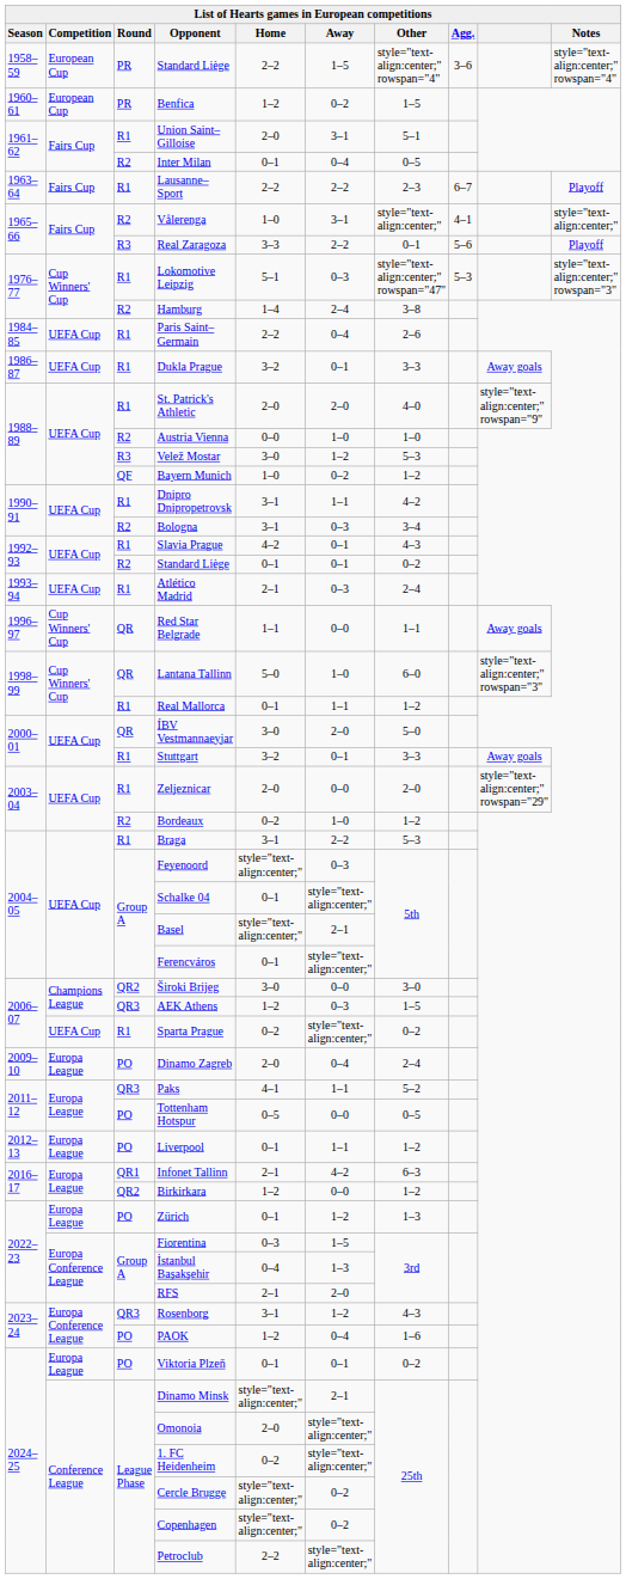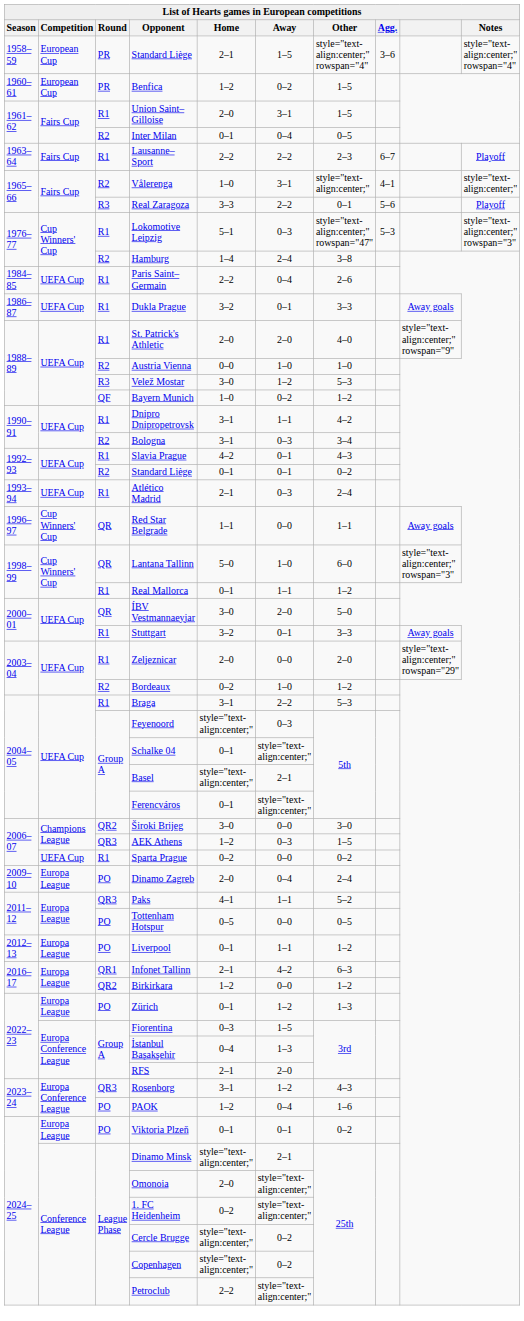 <table class="sortable plainrowheaders wikitable" width="65%" style="text-align: left;">
 <tr>
 <th colspan="11" style="background:#EFEFEF;">List of Hearts games in European competitions</th>
 </tr>
 <tr>
 <th>Season</th>
 <th>Competition</th>
 <th>Round</th>
 <th>Opponent</th>
 <th>Home</th>
 <th>Away</th>
 <th>Other</th>
 <th><a href='#'>Agg.</a></th>
 <th scope="col" width=15></th>
 <th class="unsortable">Notes</th>
 </tr>
 <tr>
 <td><a href='#'>1958–59</a></td>
 <td><a href='#'>European Cup</a></td>
 <td><a href='#'>PR</a></td>
 <td> <a href='#'>Standard Liège</a></td>
-<td style="text-align:center;">2–2</td>
+<td style="text-align:center;">2–1</td>
 <td style="text-align:center;">1–5</td>
 <td>style="text-align:center;" rowspan="4" </td>
 <td style="text-align:center;">3–6</td>
 <td style="text-align:center;"></td>
 <td>style="text-align:center;" rowspan="4" </td>
 </tr>
 <tr>
 <td><a href='#'>1960–61</a></td>
 <td><a href='#'>European Cup</a></td>
 <td><a href='#'>PR</a></td>
 <td> <a href='#'>Benfica</a></td>
 <td style="text-align:center;">1–2</td>
 <td style="text-align:center;">0–2</td>
 <td style="text-align:center;">1–5</td>
 <td style="text-align:center;"></td>
 </tr>
 <tr>
 <td rowspan=2><a href='#'>1961–62</a></td>
 <td rowspan=2><a href='#'>Fairs Cup</a></td>
 <td><a href='#'>R1</a></td>
 <td> <a href='#'>Union Saint–Gilloise</a></td>
 <td style="text-align:center;">2–0</td>
 <td style="text-align:center;">3–1</td>
-<td style="text-align:center;">5–1</td>
+<td style="text-align:center;">1–5</td>
 <td style="text-align:center;"></td>
 </tr>
 <tr>
 <td><a href='#'>R2</a></td>
 <td> <a href='#'>Inter Milan</a></td>
 <td style="text-align:center;">0–1</td>
 <td style="text-align:center;">0–4</td>
 <td style="text-align:center;">0–5</td>
 <td style="text-align:center;"></td>
 </tr>
 <tr>
 <td><a href='#'>1963–64</a></td>
 <td><a href='#'>Fairs Cup</a></td>
 <td><a href='#'>R1</a></td>
 <td> <a href='#'>Lausanne–Sport</a></td>
 <td style="text-align:center;">2–2</td>
 <td style="text-align:center;">2–2</td>
 <td style="text-align:center;">2–3</td>
 <td style="text-align:center;">6–7</td>
 <td style="text-align:center;"></td>
 <td style="text-align:center;"><a href='#'>Playoff</a></td>
 </tr>
 <tr>
 <td rowspan=2><a href='#'>1965–66</a></td>
 <td rowspan=2><a href='#'>Fairs Cup</a></td>
 <td><a href='#'>R2</a></td>
 <td> <a href='#'>Vålerenga</a></td>
 <td style="text-align:center;">1–0</td>
 <td style="text-align:center;">3–1</td>
 <td>style="text-align:center;" </td>
 <td style="text-align:center;">4–1</td>
 <td style="text-align:center;"></td>
 <td>style="text-align:center;" </td>
 </tr>
 <tr>
 <td><a href='#'>R3</a></td>
 <td> <a href='#'>Real Zaragoza</a></td>
 <td style="text-align:center;">3–3</td>
 <td style="text-align:center;">2–2</td>
 <td style="text-align:center;">0–1</td>
 <td style="text-align:center;">5–6</td>
 <td style="text-align:center;"></td>
 <td style="text-align:center;"><a href='#'>Playoff</a></td>
 </tr>
 <tr>
 <td rowspan=2><a href='#'>1976–77</a></td>
 <td rowspan=2><a href='#'>Cup Winners' Cup</a></td>
 <td><a href='#'>R1</a></td>
 <td> <a href='#'>Lokomotive Leipzig</a></td>
 <td style="text-align:center;">5–1</td>
 <td style="text-align:center;">0–3</td>
 <td>style="text-align:center;" rowspan="47" </td>
 <td style="text-align:center;">5–3</td>
 <td style="text-align:center;"></td>
 <td>style="text-align:center;" rowspan="3" </td>
 </tr>
 <tr>
 <td align=centre><a href='#'>R2</a></td>
 <td align=left> <a href='#'>Hamburg</a></td>
 <td style="text-align:center;">1–4</td>
 <td style="text-align:center;">2–4</td>
 <td style="text-align:center;">3–8</td>
 <td style="text-align:center;"></td>
 </tr>
 <tr>
 <td><a href='#'>1984–85</a></td>
 <td><a href='#'>UEFA Cup</a></td>
 <td><a href='#'>R1</a></td>
 <td> <a href='#'>Paris Saint–Germain</a></td>
 <td style="text-align:center;">2–2</td>
 <td style="text-align:center;">0–4</td>
 <td style="text-align:center;">2–6</td>
 <td style="text-align:center;"></td>
 </tr>
 <tr>
 <td><a href='#'>1986–87</a></td>
 <td><a href='#'>UEFA Cup</a></td>
 <td><a href='#'>R1</a></td>
 <td> <a href='#'>Dukla Prague</a></td>
 <td style="text-align:center;">3–2</td>
 <td style="text-align:center;">0–1</td>
 <td style="text-align:center;">3–3</td>
 <td style="text-align:center;"></td>
 <td style="text-align:center;"><a href='#'>Away goals</a></td>
 </tr>
 <tr>
 <td rowspan=4><a href='#'>1988–89</a></td>
 <td rowspan=4><a href='#'>UEFA Cup</a></td>
 <td><a href='#'>R1</a></td>
 <td> <a href='#'>St. Patrick's Athletic</a></td>
 <td style="text-align:center;">2–0</td>
 <td style="text-align:center;">2–0</td>
 <td style="text-align:center;">4–0</td>
 <td style="text-align:center;"></td>
 <td>style="text-align:center;" rowspan="9" </td>
 </tr>
 <tr>
 <td><a href='#'>R2</a></td>
 <td> <a href='#'>Austria Vienna</a></td>
 <td style="text-align:center;">0–0</td>
 <td style="text-align:center;">1–0</td>
 <td style="text-align:center;">1–0</td>
 <td style="text-align:center;"></td>
 </tr>
 <tr>
 <td><a href='#'>R3</a></td>
 <td> <a href='#'>Velež Mostar</a></td>
 <td style="text-align:center;">3–0</td>
 <td style="text-align:center;">1–2</td>
 <td style="text-align:center;">5–3</td>
 <td style="text-align:center;"></td>
 </tr>
 <tr>
 <td><a href='#'>QF</a></td>
 <td> <a href='#'>Bayern Munich</a></td>
 <td style="text-align:center;">1–0</td>
 <td style="text-align:center;">0–2</td>
 <td style="text-align:center;">1–2</td>
 <td style="text-align:center;"></td>
 </tr>
 <tr>
 <td rowspan=2><a href='#'>1990–91</a></td>
 <td rowspan=2><a href='#'>UEFA Cup</a></td>
 <td><a href='#'>R1</a></td>
 <td> <a href='#'>Dnipro Dnipropetrovsk</a></td>
 <td style="text-align:center;">3–1</td>
 <td style="text-align:center;">1–1</td>
 <td style="text-align:center;">4–2</td>
 <td style="text-align:center;"></td>
 </tr>
 <tr>
 <td><a href='#'>R2</a></td>
 <td> <a href='#'>Bologna</a></td>
 <td style="text-align:center;">3–1</td>
 <td style="text-align:center;">0–3</td>
 <td style="text-align:center;">3–4</td>
 <td style="text-align:center;"></td>
 </tr>
 <tr>
 <td rowspan=2><a href='#'>1992–93</a></td>
 <td rowspan=2><a href='#'>UEFA Cup</a></td>
 <td><a href='#'>R1</a></td>
 <td> <a href='#'>Slavia Prague</a></td>
 <td style="text-align:center;">4–2</td>
 <td style="text-align:center;">0–1</td>
 <td style="text-align:center;">4–3</td>
 <td style="text-align:center;"></td>
 </tr>
 <tr>
 <td><a href='#'>R2</a></td>
 <td> <a href='#'>Standard Liège</a></td>
 <td style="text-align:center;">0–1</td>
 <td style="text-align:center;">0–1</td>
 <td style="text-align:center;">0–2</td>
 <td style="text-align:center;"></td>
 </tr>
 <tr>
 <td><a href='#'>1993–94</a></td>
 <td><a href='#'>UEFA Cup</a></td>
 <td><a href='#'>R1</a></td>
 <td> <a href='#'>Atlético Madrid</a></td>
 <td style="text-align:center;">2–1</td>
 <td style="text-align:center;">0–3</td>
 <td style="text-align:center;">2–4</td>
 <td style="text-align:center;"></td>
 </tr>
 <tr>
 <td><a href='#'>1996–97</a></td>
 <td><a href='#'>Cup Winners' Cup</a></td>
 <td><a href='#'>QR</a></td>
 <td> <a href='#'>Red Star Belgrade</a></td>
 <td style="text-align:center;">1–1</td>
 <td style="text-align:center;">0–0</td>
 <td style="text-align:center;">1–1</td>
 <td style="text-align:center;"></td>
 <td style="text-align:center;"><a href='#'>Away goals</a></td>
 </tr>
 <tr>
 <td rowspan=2><a href='#'>1998–99</a></td>
 <td rowspan=2><a href='#'>Cup Winners' Cup</a></td>
 <td><a href='#'>QR</a></td>
 <td> <a href='#'>Lantana Tallinn</a></td>
 <td style="text-align:center;">5–0</td>
 <td style="text-align:center;">1–0</td>
 <td style="text-align:center;">6–0</td>
 <td style="text-align:center;"></td>
 <td>style="text-align:center;" rowspan="3" </td>
 </tr>
 <tr>
 <td><a href='#'>R1</a></td>
 <td> <a href='#'>Real Mallorca</a></td>
 <td style="text-align:center;">0–1</td>
 <td style="text-align:center;">1–1</td>
 <td style="text-align:center;">1–2</td>
 <td style="text-align:center;"></td>
 </tr>
 <tr>
 <td rowspan=2><a href='#'>2000–01</a></td>
 <td rowspan=2><a href='#'>UEFA Cup</a></td>
 <td><a href='#'>QR</a></td>
 <td> <a href='#'>ÍBV Vestmannaeyjar</a></td>
 <td style="text-align:center;">3–0</td>
 <td style="text-align:center;">2–0</td>
 <td style="text-align:center;">5–0</td>
 <td style="text-align:center;"></td>
 </tr>
 <tr>
 <td><a href='#'>R1</a></td>
 <td> <a href='#'>Stuttgart</a></td>
 <td style="text-align:center;">3–2</td>
 <td style="text-align:center;">0–1</td>
 <td style="text-align:center;">3–3</td>
 <td style="text-align:center;"></td>
 <td style="text-align:center;"><a href='#'>Away goals</a></td>
 </tr>
 <tr>
 <td rowspan=2><a href='#'>2003–04</a></td>
 <td rowspan=2><a href='#'>UEFA Cup</a></td>
 <td><a href='#'>R1</a></td>
 <td> <a href='#'>Zeljeznicar</a></td>
 <td style="text-align:center;">2–0</td>
 <td style="text-align:center;">0–0</td>
 <td style="text-align:center;">2–0</td>
 <td style="text-align:center;"></td>
 <td>style="text-align:center;" rowspan="29" </td>
 </tr>
 <tr>
 <td><a href='#'>R2</a></td>
 <td> <a href='#'>Bordeaux</a></td>
 <td style="text-align:center;">0–2</td>
 <td style="text-align:center;">1–0</td>
 <td style="text-align:center;">1–2</td>
 <td style="text-align:center;"></td>
 </tr>
 <tr>
 <td rowspan=5><a href='#'>2004–05</a></td>
 <td rowspan=5><a href='#'>UEFA Cup</a></td>
 <td><a href='#'>R1</a></td>
 <td> <a href='#'>Braga</a></td>
 <td style="text-align:center;">3–1</td>
 <td style="text-align:center;">2–2</td>
 <td style="text-align:center;">5–3</td>
 <td style="text-align:center;"></td>
 </tr>
 <tr>
 <td rowspan="4"><a href='#'>Group A</a></td>
 <td> <a href='#'>Feyenoord</a></td>
 <td>style="text-align:center;" </td>
 <td style="text-align:center;">0–3</td>
 <td style="text-align:center;" rowspan="4"><a href='#'>5th</a></td>
 <td style="text-align:center;" rowspan="4"></td>
 </tr>
 <tr>
 <td> <a href='#'>Schalke 04</a></td>
 <td style="text-align:center;">0–1</td>
 <td>style="text-align:center;" </td>
 </tr>
 <tr>
 <td> <a href='#'>Basel</a></td>
 <td>style="text-align:center;" </td>
 <td style="text-align:center;">2–1</td>
 </tr>
 <tr>
 <td> <a href='#'>Ferencváros</a></td>
 <td style="text-align:center;">0–1</td>
 <td>style="text-align:center;" </td>
 </tr>
 <tr>
 <td rowspan=3><a href='#'>2006–07</a></td>
 <td rowspan=2><a href='#'>Champions League</a></td>
 <td><a href='#'>QR2</a></td>
 <td> <a href='#'>Široki Brijeg</a></td>
 <td style="text-align:center;">3–0</td>
 <td style="text-align:center;">0–0</td>
 <td style="text-align:center;">3–0</td>
 <td style="text-align:center;"></td>
 </tr>
 <tr>
 <td><a href='#'>QR3</a></td>
 <td> <a href='#'>AEK Athens</a></td>
 <td style="text-align:center;">1–2</td>
 <td style="text-align:center;">0–3</td>
 <td style="text-align:center;">1–5</td>
 <td style="text-align:center;"></td>
 </tr>
 <tr>
 <td><a href='#'>UEFA Cup</a></td>
 <td><a href='#'>R1</a></td>
 <td> <a href='#'>Sparta Prague</a></td>
 <td style="text-align:center;">0–2</td>
-<td>style="text-align:center;" </td>
+<td style="text-align:center;">0–0</td>
 <td style="text-align:center;">0–2</td>
 <td style="text-align:center;"></td>
 </tr>
 <tr>
 <td><a href='#'>2009–10</a></td>
 <td><a href='#'>Europa League</a></td>
 <td><a href='#'>PO</a></td>
 <td> <a href='#'>Dinamo Zagreb</a></td>
 <td style="text-align:center;">2–0</td>
 <td style="text-align:center;">0–4</td>
 <td style="text-align:center;">2–4</td>
 <td style="text-align:center;"></td>
 </tr>
 <tr>
 <td rowspan=2><a href='#'>2011–12</a></td>
 <td rowspan=2><a href='#'>Europa League</a></td>
 <td><a href='#'>QR3</a></td>
 <td> <a href='#'>Paks</a></td>
 <td style="text-align:center;">4–1</td>
 <td style="text-align:center;">1–1</td>
 <td style="text-align:center;">5–2</td>
 <td style="text-align:center;"></td>
 </tr>
 <tr>
 <td><a href='#'>PO</a></td>
 <td> <a href='#'>Tottenham Hotspur</a></td>
 <td style="text-align:center;">0–5</td>
 <td style="text-align:center;">0–0</td>
 <td style="text-align:center;">0–5</td>
 <td style="text-align:center;"></td>
 </tr>
 <tr>
 <td><a href='#'>2012–13</a></td>
 <td><a href='#'>Europa League</a></td>
 <td><a href='#'>PO</a></td>
 <td> <a href='#'>Liverpool</a></td>
 <td style="text-align:center;">0–1</td>
 <td style="text-align:center;">1–1</td>
 <td style="text-align:center;">1–2</td>
 <td style="text-align:center;"></td>
 </tr>
 <tr>
 <td rowspan=2><a href='#'>2016–17</a></td>
 <td rowspan=2><a href='#'>Europa League</a></td>
 <td><a href='#'>QR1</a></td>
 <td> <a href='#'>Infonet Tallinn</a></td>
 <td style="text-align:center;">2–1</td>
 <td style="text-align:center;">4–2</td>
 <td style="text-align:center;">6–3</td>
 <td style="text-align:center;"></td>
 </tr>
 <tr>
 <td><a href='#'>QR2</a></td>
 <td> <a href='#'>Birkirkara</a></td>
 <td style="text-align:center;">1–2</td>
 <td style="text-align:center;">0–0</td>
 <td style="text-align:center;">1–2</td>
 <td style="text-align:center;"></td>
 </tr>
 <tr>
 <td rowspan="4"><a href='#'>2022–23</a></td>
 <td><a href='#'>Europa League</a></td>
 <td><a href='#'>PO</a></td>
 <td> <a href='#'>Zürich</a></td>
 <td style="text-align:center;">0–1</td>
 <td style="text-align:center;">1–2</td>
 <td style="text-align:center;">1–3</td>
 <td style="text-align:center;"></td>
 </tr>
 <tr>
 <td rowspan="3"><a href='#'>Europa Conference League</a></td>
 <td rowspan="3"><a href='#'>Group A</a></td>
 <td> <a href='#'>Fiorentina</a></td>
 <td style="text-align:center;">0–3</td>
 <td style="text-align:center;">1–5</td>
 <td style="text-align:center;" rowspan="3"><a href='#'>3rd</a></td>
 <td style="text-align:center;" rowspan="3"></td>
 </tr>
 <tr>
 <td> <a href='#'>İstanbul Başakşehir</a></td>
 <td style="text-align:center;">0–4</td>
 <td style="text-align:center;">1–3</td>
 </tr>
 <tr>
 <td> <a href='#'>RFS</a></td>
 <td style="text-align:center;">2–1</td>
 <td style="text-align:center;">2–0</td>
 </tr>
 <tr>
 <td rowspan="2"><a href='#'>2023–24</a></td>
 <td rowspan="2"><a href='#'>Europa Conference League</a></td>
 <td><a href='#'>QR3</a></td>
 <td> <a href='#'>Rosenborg</a></td>
 <td style="text-align:center;">3–1</td>
 <td style="text-align:center;">1–2</td>
 <td style="text-align:center;">4–3</td>
 <td style="text-align:center;"></td>
 </tr>
 <tr>
 <td><a href='#'>PO</a></td>
 <td> <a href='#'>PAOK</a></td>
 <td style="text-align:center;">1–2</td>
 <td style="text-align:center;">0–4</td>
 <td style="text-align:center;">1–6</td>
 <td style="text-align:center;"></td>
 </tr>
 <tr>
 <td rowspan="7"><a href='#'>2024–25</a></td>
 <td><a href='#'>Europa League</a></td>
 <td><a href='#'>PO</a></td>
 <td> <a href='#'>Viktoria Plzeň</a></td>
 <td style="text-align:center;">0–1</td>
 <td style="text-align:center;">0–1</td>
 <td style="text-align:center;">0–2</td>
 <td style="text-align:center;"></td>
 </tr>
 <tr>
 <td rowspan="6"><a href='#'>Conference League</a></td>
 <td rowspan="6"><a href='#'>League Phase</a></td>
 <td> <a href='#'>Dinamo Minsk</a></td>
 <td>style="text-align:center;" </td>
 <td style="text-align:center;">2–1</td>
 <td style="text-align:center;" rowspan="6"><a href='#'>25th</a></td>
 <td style="text-align:center;" rowspan="6"></td>
 </tr>
 <tr>
 <td> <a href='#'>Omonoia</a></td>
 <td style="text-align:center;">2–0</td>
 <td>style="text-align:center;" </td>
 </tr>
 <tr>
 <td> <a href='#'>1. FC Heidenheim</a></td>
 <td style="text-align:center;">0–2</td>
 <td>style="text-align:center;" </td>
 </tr>
 <tr>
 <td> <a href='#'>Cercle Brugge</a></td>
 <td>style="text-align:center;" </td>
 <td style="text-align:center;">0–2</td>
 </tr>
 <tr>
 <td> <a href='#'>Copenhagen</a></td>
 <td>style="text-align:center;" </td>
 <td style="text-align:center;">0–2</td>
 </tr>
 <tr>
 <td> <a href='#'>Petroclub</a></td>
 <td style="text-align:center;">2–2</td>
 <td>style="text-align:center;" </td>
 </tr>
 </table>
